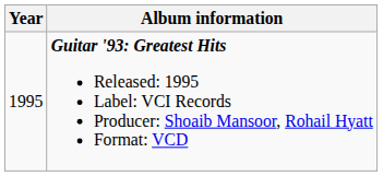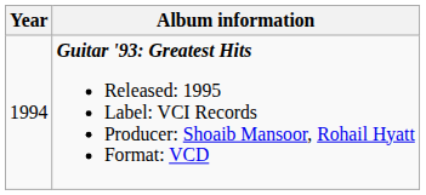 <table class="wikitable">
 <tr>
 <th>Year</th>
 <th>Album information</th>
 </tr>
 <tr>
-<td>1995</td>
+<td>1994</td>
 <td><strong><em>Guitar '93: Greatest Hits</em></strong><br><ul><li>Released: 1995</li><li>Label: VCI Records</li><li>Producer: <a href='#'>Shoaib Mansoor</a>, <a href='#'>Rohail Hyatt</a></li><li>Format: <a href='#'>VCD</a></li></ul></td>
 </tr>
 </table>
